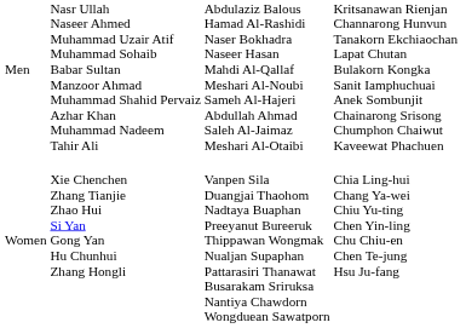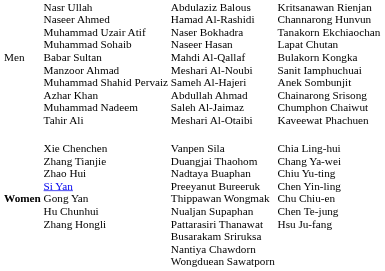 <table>
 <tr>
 <td>Men</td>
 <td><br>Nasr Ullah<br>Naseer Ahmed<br>Muhammad Uzair Atif<br>Muhammad Sohaib<br>Babar Sultan<br>Manzoor Ahmad<br>Muhammad Shahid Pervaiz<br>Azhar Khan<br>Muhammad Nadeem<br>Tahir Ali</td>
 <td><br>Abdulaziz Balous<br>Hamad Al-Rashidi<br>Naser Bokhadra<br>Naseer Hasan<br>Mahdi Al-Qallaf<br>Meshari Al-Noubi<br>Sameh Al-Hajeri<br>Abdullah Ahmad<br>Saleh Al-Jaimaz<br>Meshari Al-Otaibi</td>
 <td><br>Kritsanawan Rienjan<br>Channarong Hunvun<br>Tanakorn Ekchiaochan<br>Lapat Chutan<br>Bulakorn Kongka<br>Sanit Iamphuchuai<br>Anek Sombunjit<br>Chainarong Srisong<br>Chumphon Chaiwut<br>Kaveewat Phachuen</td>
 </tr>
 <tr>
-<td>Women</td>
+<td><strong>Women</strong></td>
 <td valign=top><br>Xie Chenchen<br>Zhang Tianjie<br>Zhao Hui<br><a href='#'>Si Yan</a><br>Gong Yan<br>Hu Chunhui<br>Zhang Hongli</td>
 <td><br>Vanpen Sila<br>Duangjai Thaohom<br>Nadtaya Buaphan<br>Preeyanut Bureeruk<br>Thippawan Wongmak<br>Nualjan Supaphan<br>Pattarasiri Thanawat<br>Busarakam Sriruksa<br>Nantiya Chawdorn<br>Wongduean Sawatporn</td>
 <td valign=top><br>Chia Ling-hui<br>Chang Ya-wei<br>Chiu Yu-ting<br>Chen Yin-ling<br>Chu Chiu-en<br>Chen Te-jung<br>Hsu Ju-fang</td>
 </tr>
 </table>
